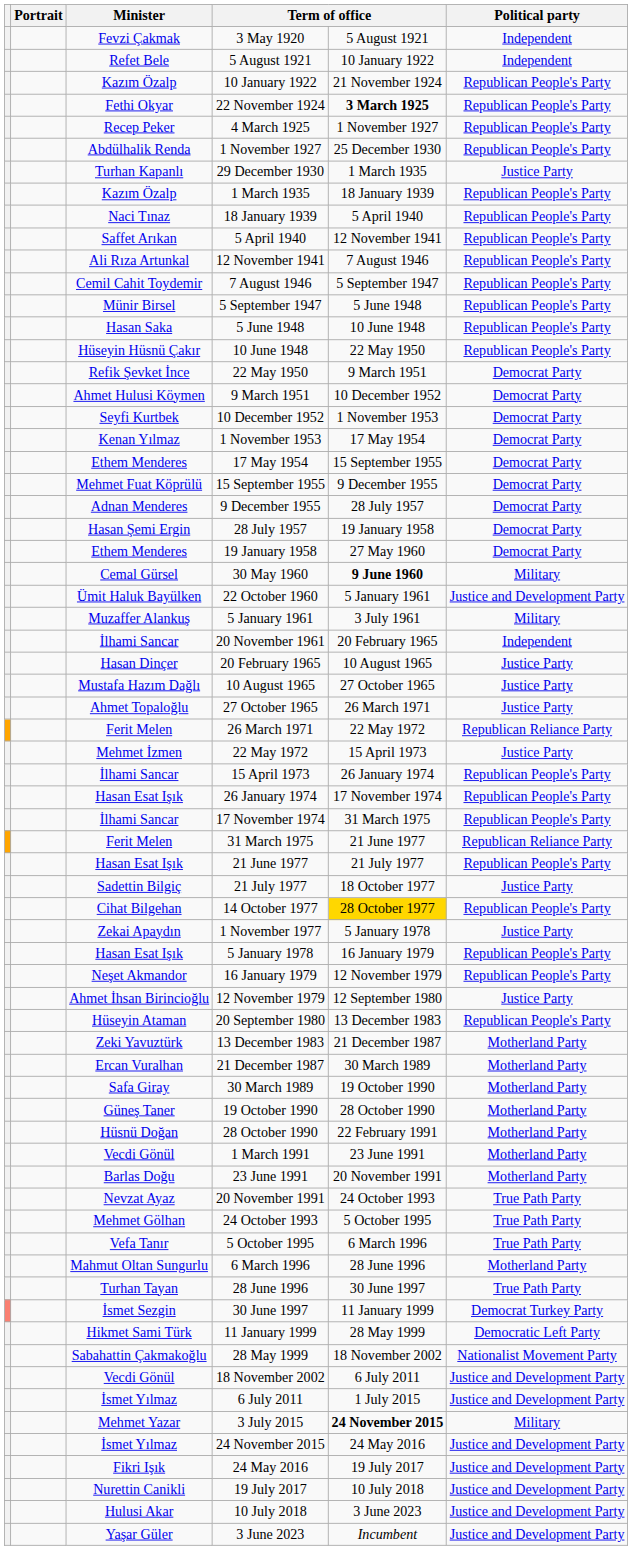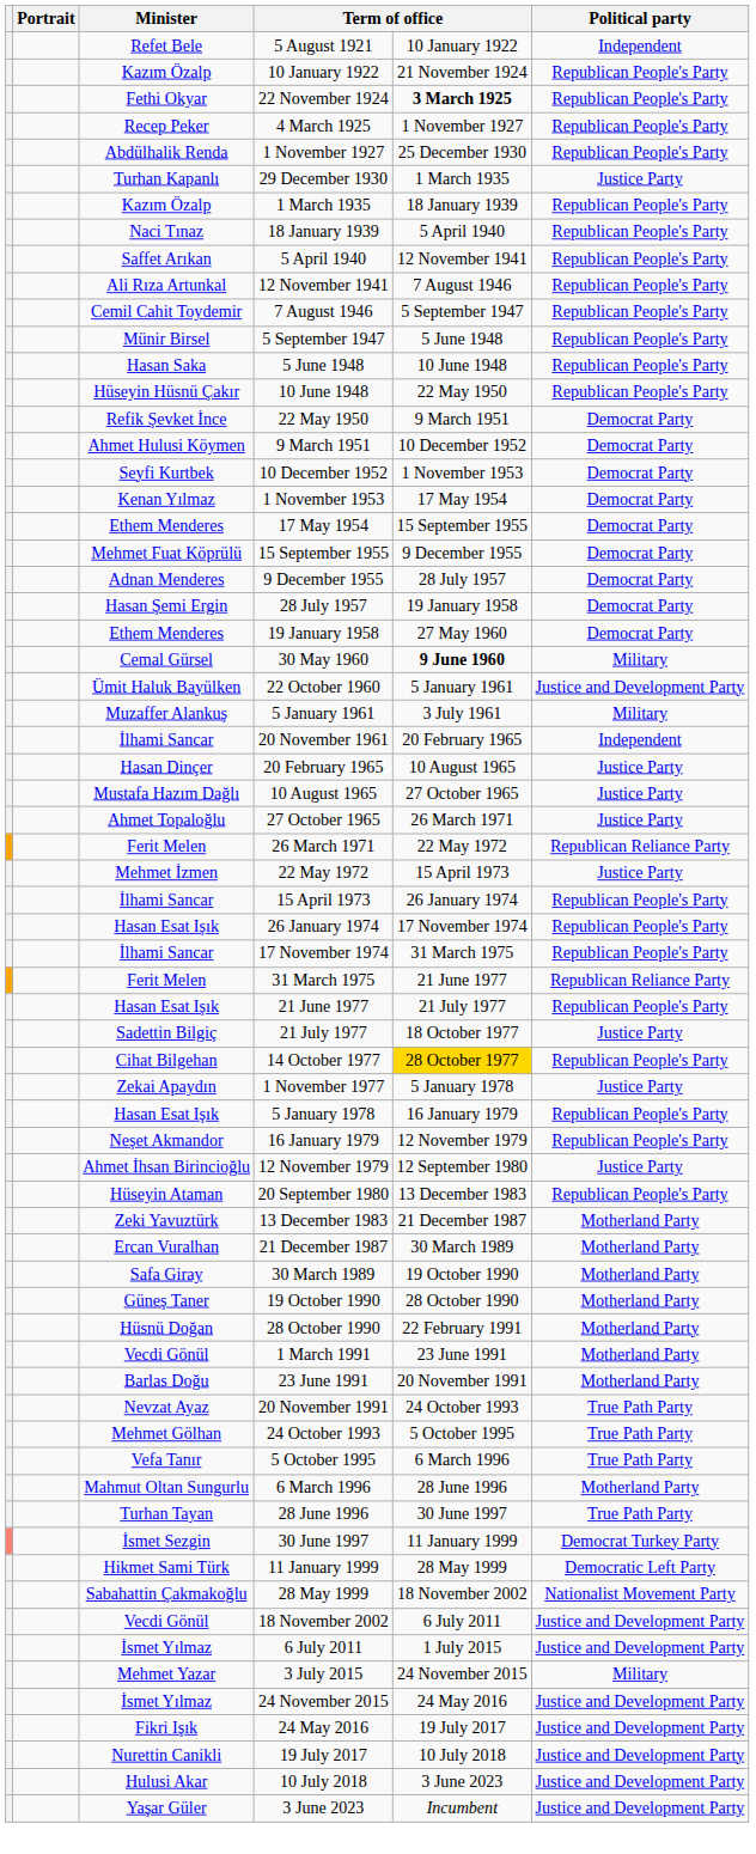 <table class="wikitable" style="text-align:center">
 <tr>
 <th></th>
 <th>Portrait</th>
 <th>Minister</th>
 <th colspan="2">Term of office</th>
 <th>Political party</th>
-</tr>
-<tr>
-<th style="background:"></th>
-<td></td>
-<td><a href='#'>Fevzi Çakmak</a></td>
-<td>3 May 1920</td>
-<td>5 August 1921</td>
-<td><a href='#'>Independent</a></td>
 </tr>
 <tr>
 <th style="background:"></th>
 <td></td>
 <td><a href='#'>Refet Bele</a></td>
 <td>5 August 1921</td>
 <td>10 January 1922</td>
 <td><a href='#'>Independent</a></td>
 </tr>
 <tr>
 <th style="background:"></th>
 <td></td>
 <td><a href='#'>Kazım Özalp</a></td>
 <td>10 January 1922</td>
 <td>21 November 1924</td>
 <td><a href='#'>Republican People's Party</a></td>
 </tr>
 <tr>
 <th style="background:"></th>
 <td></td>
 <td><a href='#'>Fethi Okyar</a></td>
 <td>22 November 1924</td>
 <td><strong>3 March 1925</strong></td>
 <td><a href='#'>Republican People's Party</a></td>
 </tr>
 <tr>
 <th style="background:"></th>
 <td></td>
 <td><a href='#'>Recep Peker</a></td>
 <td>4 March 1925</td>
 <td>1 November 1927</td>
 <td><a href='#'>Republican People's Party</a></td>
 </tr>
 <tr>
 <th style="background:"></th>
 <td></td>
 <td><a href='#'>Abdülhalik Renda</a></td>
 <td>1 November 1927</td>
 <td>25 December 1930</td>
 <td><a href='#'>Republican People's Party</a></td>
 </tr>
 <tr>
 <th style="background:"></th>
 <td></td>
 <td><a href='#'>Turhan Kapanlı</a></td>
 <td>29 December 1930</td>
 <td>1 March 1935</td>
 <td><a href='#'>Justice Party</a></td>
 </tr>
 <tr>
 <th style="background:"></th>
 <td></td>
 <td><a href='#'>Kazım Özalp</a></td>
 <td>1 March 1935</td>
 <td>18 January 1939</td>
 <td><a href='#'>Republican People's Party</a></td>
 </tr>
 <tr>
 <th style="background:"></th>
 <td></td>
 <td><a href='#'>Naci Tınaz</a></td>
 <td>18 January 1939</td>
 <td>5 April 1940</td>
 <td><a href='#'>Republican People's Party</a></td>
 </tr>
 <tr>
 <th style="background:"></th>
 <td></td>
 <td><a href='#'>Saffet Arıkan</a></td>
 <td>5 April 1940</td>
 <td>12 November 1941</td>
 <td><a href='#'>Republican People's Party</a></td>
 </tr>
 <tr>
 <th style="background:"></th>
 <td></td>
 <td><a href='#'>Ali Rıza Artunkal</a></td>
 <td>12 November 1941</td>
 <td>7 August 1946</td>
 <td><a href='#'>Republican People's Party</a></td>
 </tr>
 <tr>
 <th style="background:"></th>
 <td></td>
 <td><a href='#'>Cemil Cahit Toydemir</a></td>
 <td>7 August 1946</td>
 <td>5 September 1947</td>
 <td><a href='#'>Republican People's Party</a></td>
 </tr>
 <tr>
 <th style="background:"></th>
 <td></td>
 <td><a href='#'>Münir Birsel</a></td>
 <td>5 September 1947</td>
 <td>5 June 1948</td>
 <td><a href='#'>Republican People's Party</a></td>
 </tr>
 <tr>
 <th style="background:"></th>
 <td></td>
 <td><a href='#'>Hasan Saka</a><br></td>
 <td>5 June 1948</td>
 <td>10 June 1948</td>
 <td><a href='#'>Republican People's Party</a></td>
 </tr>
 <tr>
 <th style="background:"></th>
 <td></td>
 <td><a href='#'>Hüseyin Hüsnü Çakır</a></td>
 <td>10 June 1948</td>
 <td>22 May 1950</td>
 <td><a href='#'>Republican People's Party</a></td>
 </tr>
 <tr>
 <th style="background:"></th>
 <td></td>
 <td><a href='#'>Refik Şevket İnce</a></td>
 <td>22 May 1950</td>
 <td>9 March 1951</td>
 <td><a href='#'>Democrat Party</a></td>
 </tr>
 <tr>
 <th style="background:"></th>
 <td></td>
 <td><a href='#'>Ahmet Hulusi Köymen</a></td>
 <td>9 March 1951</td>
 <td>10 December 1952</td>
 <td><a href='#'>Democrat Party</a></td>
 </tr>
 <tr>
 <th style="background:"></th>
 <td></td>
 <td><a href='#'>Seyfi Kurtbek</a></td>
 <td>10 December 1952</td>
 <td>1 November 1953</td>
 <td><a href='#'>Democrat Party</a></td>
 </tr>
 <tr>
 <th style="background:"></th>
 <td></td>
 <td><a href='#'>Kenan Yılmaz</a></td>
 <td>1 November 1953</td>
 <td>17 May 1954</td>
 <td><a href='#'>Democrat Party</a></td>
 </tr>
 <tr>
 <th style="background:"></th>
 <td></td>
 <td><a href='#'>Ethem Menderes</a></td>
 <td>17 May 1954</td>
 <td>15 September 1955</td>
 <td><a href='#'>Democrat Party</a></td>
 </tr>
 <tr>
 <th style="background:"></th>
 <td></td>
 <td><a href='#'>Mehmet Fuat Köprülü</a><br></td>
 <td>15 September 1955</td>
 <td>9 December 1955</td>
 <td><a href='#'>Democrat Party</a></td>
 </tr>
 <tr>
 <th style="background:"></th>
 <td></td>
 <td><a href='#'>Adnan Menderes</a><br></td>
 <td>9 December 1955</td>
 <td>28 July 1957</td>
 <td><a href='#'>Democrat Party</a></td>
 </tr>
 <tr>
 <th style="background:"></th>
 <td></td>
 <td><a href='#'>Hasan Şemi Ergin</a></td>
 <td>28 July 1957</td>
 <td>19 January 1958</td>
 <td><a href='#'>Democrat Party</a></td>
 </tr>
 <tr>
 <th style="background:"></th>
 <td></td>
 <td><a href='#'>Ethem Menderes</a></td>
 <td>19 January 1958</td>
 <td>27 May 1960</td>
 <td><a href='#'>Democrat Party</a></td>
 </tr>
 <tr>
 <th style="background:"></th>
 <td></td>
 <td><a href='#'>Cemal Gürsel</a></td>
 <td>30 May 1960</td>
 <td><strong>9 June 1960</strong></td>
 <td><a href='#'>Military</a></td>
 </tr>
 <tr>
 <th style="background:"></th>
 <td></td>
 <td><a href='#'>Ümit Haluk Bayülken</a></td>
 <td>22 October 1960</td>
 <td>5 January 1961</td>
 <td><a href='#'>Justice and Development Party</a></td>
 </tr>
 <tr>
 <th style="background:"></th>
 <td></td>
 <td><a href='#'>Muzaffer Alankuş</a></td>
 <td>5 January 1961</td>
 <td>3 July 1961</td>
 <td><a href='#'>Military</a></td>
 </tr>
 <tr>
 <th style="background:"></th>
 <td></td>
 <td><a href='#'>İlhami Sancar</a></td>
 <td>20 November 1961</td>
 <td>20 February 1965</td>
 <td><a href='#'>Independent</a></td>
 </tr>
 <tr>
 <th style="background:"></th>
 <td></td>
 <td><a href='#'>Hasan Dinçer</a></td>
 <td>20 February 1965</td>
 <td>10 August 1965</td>
 <td><a href='#'>Justice Party</a></td>
 </tr>
 <tr>
 <th style="background:"></th>
 <td></td>
 <td><a href='#'>Mustafa Hazım Dağlı</a></td>
 <td>10 August 1965</td>
 <td>27 October 1965</td>
 <td><a href='#'>Justice Party</a></td>
 </tr>
 <tr>
 <th style="background:"></th>
 <td></td>
 <td><a href='#'>Ahmet Topaloğlu</a></td>
 <td>27 October 1965</td>
 <td>26 March 1971</td>
 <td><a href='#'>Justice Party</a></td>
 </tr>
 <tr>
 <th style="background:Orange;"></th>
 <td></td>
 <td><a href='#'>Ferit Melen</a></td>
 <td>26 March 1971</td>
 <td>22 May 1972</td>
 <td><a href='#'>Republican Reliance Party</a></td>
 </tr>
 <tr>
 <th style="background:"></th>
 <td></td>
 <td><a href='#'>Mehmet İzmen</a></td>
 <td>22 May 1972</td>
 <td>15 April 1973</td>
 <td><a href='#'>Justice Party</a></td>
 </tr>
 <tr>
 <th style="background:"></th>
 <td></td>
 <td><a href='#'>İlhami Sancar</a></td>
 <td>15 April 1973</td>
 <td>26 January 1974</td>
 <td><a href='#'>Republican People's Party</a></td>
 </tr>
 <tr>
 <th style="background:"></th>
 <td></td>
 <td><a href='#'>Hasan Esat Işık</a></td>
 <td>26 January 1974</td>
 <td>17 November 1974</td>
 <td><a href='#'>Republican People's Party</a></td>
 </tr>
 <tr>
 <th style="background:"></th>
 <td></td>
 <td><a href='#'>İlhami Sancar</a></td>
 <td>17 November 1974</td>
 <td>31 March 1975</td>
 <td><a href='#'>Republican People's Party</a></td>
 </tr>
 <tr>
 <th style="background:Orange;"></th>
 <td></td>
 <td><a href='#'>Ferit Melen</a></td>
 <td>31 March 1975</td>
 <td>21 June 1977</td>
 <td><a href='#'>Republican Reliance Party</a></td>
 </tr>
 <tr>
 <th style="background:"></th>
 <td></td>
 <td><a href='#'>Hasan Esat Işık</a></td>
 <td>21 June 1977</td>
 <td>21 July 1977</td>
 <td><a href='#'>Republican People's Party</a></td>
 </tr>
 <tr>
 <th style="background:"></th>
 <td></td>
 <td><a href='#'>Sadettin Bilgiç</a></td>
 <td>21 July 1977</td>
 <td>18 October 1977</td>
 <td><a href='#'>Justice Party</a></td>
 </tr>
 <tr>
 <th style="background:"></th>
 <td></td>
 <td><a href='#'>Cihat Bilgehan</a><br></td>
 <td>14 October 1977</td>
 <td style="background: gold;">28 October 1977</td>
 <td><a href='#'>Republican People's Party</a></td>
 </tr>
 <tr>
 <th style="background:"></th>
 <td></td>
 <td><a href='#'>Zekai Apaydın</a></td>
 <td>1 November 1977</td>
 <td>5 January 1978</td>
 <td><a href='#'>Justice Party</a></td>
 </tr>
 <tr>
 <th style="background:"></th>
 <td></td>
 <td><a href='#'>Hasan Esat Işık</a></td>
 <td>5 January 1978</td>
 <td>16 January 1979</td>
 <td><a href='#'>Republican People's Party</a></td>
 </tr>
 <tr>
 <th style="background:"></th>
 <td></td>
 <td><a href='#'>Neşet Akmandor</a></td>
 <td>16 January 1979</td>
 <td>12 November 1979</td>
 <td><a href='#'>Republican People's Party</a></td>
 </tr>
 <tr>
 <th style="background:"></th>
 <td></td>
 <td><a href='#'>Ahmet İhsan Birincioğlu</a></td>
 <td>12 November 1979</td>
 <td>12 September 1980</td>
 <td><a href='#'>Justice Party</a></td>
 </tr>
 <tr>
 <th style="background:"></th>
 <td></td>
 <td><a href='#'>Hüseyin Ataman</a></td>
 <td>20 September 1980</td>
 <td>13 December 1983</td>
 <td><a href='#'>Republican People's Party</a></td>
 </tr>
 <tr>
 <th style="background:"></th>
 <td></td>
 <td><a href='#'>Zeki Yavuztürk</a></td>
 <td>13 December 1983</td>
 <td>21 December 1987</td>
 <td><a href='#'>Motherland Party</a></td>
 </tr>
 <tr>
 <th style="background:"></th>
 <td></td>
 <td><a href='#'>Ercan Vuralhan</a></td>
 <td>21 December 1987</td>
 <td>30 March 1989</td>
 <td><a href='#'>Motherland Party</a></td>
 </tr>
 <tr>
 <th style="background:"></th>
 <td></td>
 <td><a href='#'>Safa Giray</a></td>
 <td>30 March 1989</td>
 <td>19 October 1990</td>
 <td><a href='#'>Motherland Party</a></td>
 </tr>
 <tr>
 <th style="background:"></th>
 <td></td>
 <td><a href='#'>Güneş Taner</a><br></td>
 <td>19 October 1990</td>
 <td>28 October 1990</td>
 <td><a href='#'>Motherland Party</a></td>
 </tr>
 <tr>
 <th style="background:"></th>
 <td></td>
 <td><a href='#'>Hüsnü Doğan</a></td>
 <td>28 October 1990</td>
 <td>22 February 1991</td>
 <td><a href='#'>Motherland Party</a></td>
 </tr>
 <tr>
 <th style="background:"></th>
 <td></td>
 <td><a href='#'>Vecdi Gönül</a></td>
 <td>1 March 1991</td>
 <td>23 June 1991</td>
 <td><a href='#'>Motherland Party</a></td>
 </tr>
 <tr>
 <th style="background:"></th>
 <td></td>
 <td><a href='#'>Barlas Doğu</a></td>
 <td>23 June 1991</td>
 <td>20 November 1991</td>
 <td><a href='#'>Motherland Party</a></td>
 </tr>
 <tr>
 <th style="background:"></th>
 <td></td>
 <td><a href='#'>Nevzat Ayaz</a></td>
 <td>20 November 1991</td>
 <td>24 October 1993</td>
 <td><a href='#'>True Path Party</a></td>
 </tr>
 <tr>
 <th style="background:"></th>
 <td></td>
 <td><a href='#'>Mehmet Gölhan</a></td>
 <td>24 October 1993</td>
 <td>5 October 1995</td>
 <td><a href='#'>True Path Party</a></td>
 </tr>
 <tr>
 <th style="background:"></th>
 <td></td>
 <td><a href='#'>Vefa Tanır</a></td>
 <td>5 October 1995</td>
 <td>6 March 1996</td>
 <td><a href='#'>True Path Party</a></td>
 </tr>
 <tr>
 <th style="background:"></th>
 <td></td>
 <td><a href='#'>Mahmut Oltan Sungurlu</a></td>
 <td>6 March 1996</td>
 <td>28 June 1996</td>
 <td><a href='#'>Motherland Party</a></td>
 </tr>
 <tr>
 <th style="background:"></th>
 <td></td>
 <td><a href='#'>Turhan Tayan</a></td>
 <td>28 June 1996</td>
 <td>30 June 1997</td>
 <td><a href='#'>True Path Party</a></td>
 </tr>
 <tr>
 <th style="background:Salmon;"></th>
 <td></td>
 <td><a href='#'>İsmet Sezgin</a></td>
 <td>30 June 1997</td>
 <td>11 January 1999</td>
 <td><a href='#'>Democrat Turkey Party</a></td>
 </tr>
 <tr>
 <th style="background:"></th>
 <td></td>
 <td><a href='#'>Hikmet Sami Türk</a></td>
 <td>11 January 1999</td>
 <td>28 May 1999</td>
 <td><a href='#'>Democratic Left Party</a></td>
 </tr>
 <tr>
 <th style="background:"></th>
 <td></td>
 <td><a href='#'>Sabahattin Çakmakoğlu</a></td>
 <td>28 May 1999</td>
 <td>18 November 2002</td>
 <td><a href='#'>Nationalist Movement Party</a></td>
 </tr>
 <tr>
 <th style="background:"></th>
 <td></td>
 <td><a href='#'>Vecdi Gönül</a></td>
 <td>18 November 2002</td>
 <td>6 July 2011</td>
 <td><a href='#'>Justice and Development Party</a></td>
 </tr>
 <tr>
 <th style="background:"></th>
 <td></td>
 <td><a href='#'>İsmet Yılmaz</a></td>
 <td>6 July 2011</td>
 <td>1 July 2015</td>
 <td><a href='#'>Justice and Development Party</a></td>
 </tr>
 <tr>
 <th style="background:"></th>
 <td></td>
 <td><a href='#'>Mehmet Yazar</a></td>
 <td>3 July 2015</td>
-<td><strong>24 November 2015</strong></td>
+<td>24 November 2015</td>
 <td><a href='#'>Military</a></td>
 </tr>
 <tr>
 <th style="background:"></th>
 <td></td>
 <td><a href='#'>İsmet Yılmaz</a></td>
 <td>24 November 2015</td>
 <td>24 May 2016</td>
 <td><a href='#'>Justice and Development Party</a></td>
 </tr>
 <tr>
 <th style="background:"></th>
 <td></td>
 <td><a href='#'>Fikri Işık</a></td>
 <td>24 May 2016</td>
 <td>19 July 2017</td>
 <td><a href='#'>Justice and Development Party</a></td>
 </tr>
 <tr>
 <th style="background:"></th>
 <td></td>
 <td><a href='#'>Nurettin Canikli</a></td>
 <td>19 July 2017</td>
 <td>10 July 2018</td>
 <td><a href='#'>Justice and Development Party</a></td>
 </tr>
 <tr>
 <th style="background:"></th>
 <td></td>
 <td><a href='#'>Hulusi Akar</a></td>
 <td>10 July 2018</td>
 <td>3 June 2023</td>
 <td><a href='#'>Justice and Development Party</a></td>
 </tr>
 <tr>
 <th style="background:"></th>
 <td></td>
 <td><a href='#'>Yaşar Güler</a></td>
 <td>3 June 2023</td>
 <td><em>Incumbent</em></td>
 <td><a href='#'>Justice and Development Party</a></td>
 </tr>
 </table>
